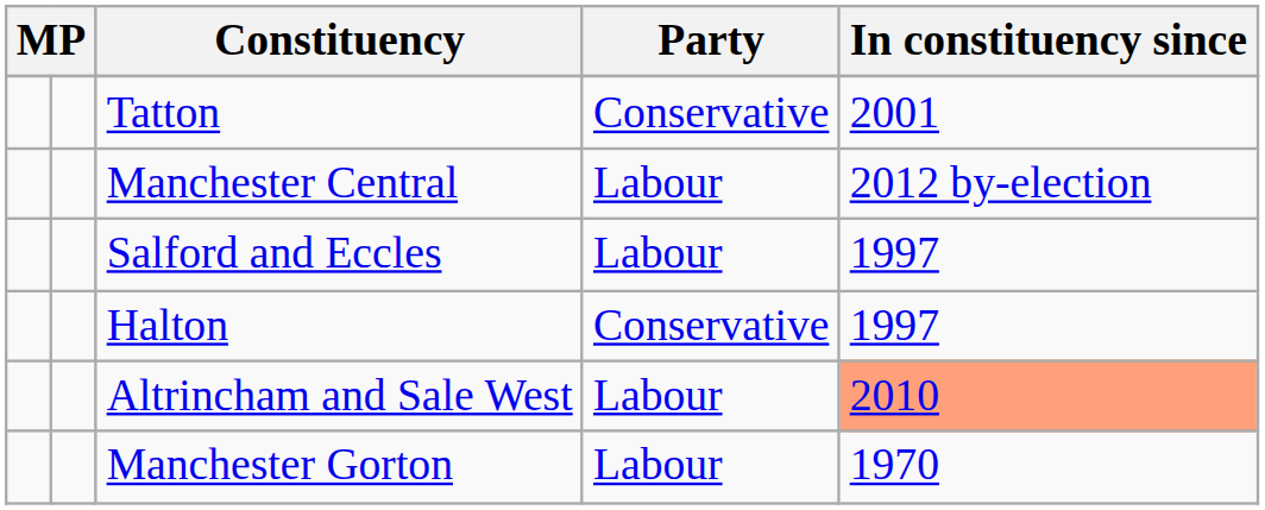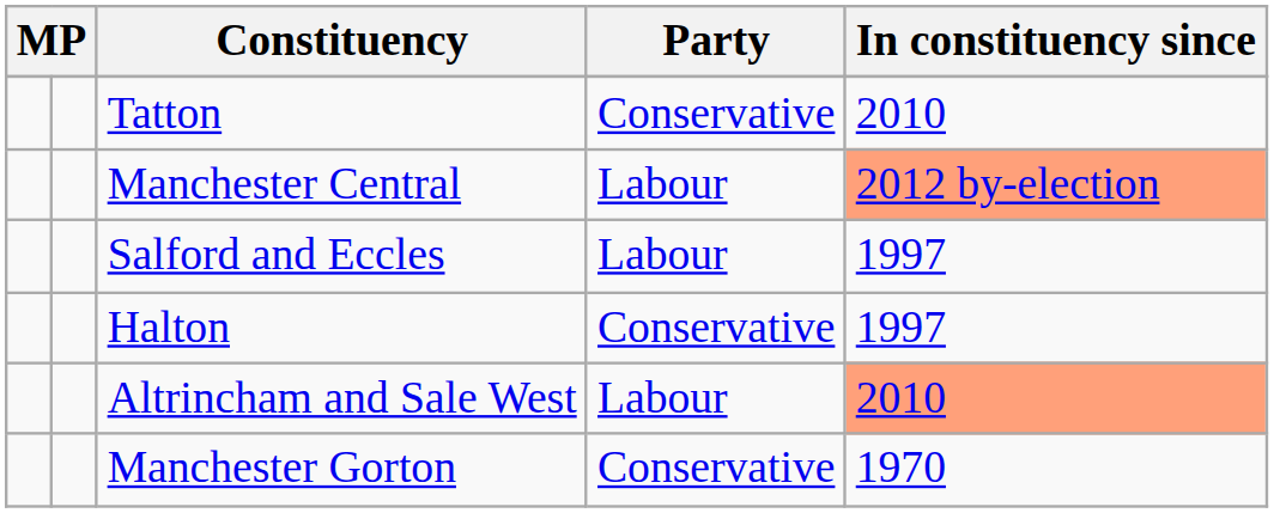 <table class="wikitable sortable">
 <tr>
 <th colspan=2>MP</th>
 <th>Constituency</th>
 <th>Party</th>
 <th>In constituency since</th>
 </tr>
 <tr>
 </tr>
 <tr>
 <td style="color:inherit;background-color: "></td>
 <td></td>
 <td><a href='#'>Tatton</a></td>
 <td><a href='#'>Conservative</a></td>
-<td><a href='#'>2001</a></td>
+<td><a href='#'>2010</a></td>
 </tr>
 <tr>
 <td style="color:inherit;background-color: "></td>
 <td></td>
 <td><a href='#'>Manchester Central</a></td>
 <td><a href='#'>Labour</a></td>
-<td><a href='#'>2012 by-election</a></td>
+<td style="background: lightsalmon;"><a href='#'>2012 by-election</a></td>
 </tr>
 <tr>
 <td style="color:inherit;background-color: "></td>
 <td></td>
 <td><a href='#'>Salford and Eccles</a></td>
 <td><a href='#'>Labour</a></td>
 <td><a href='#'>1997</a></td>
 </tr>
 <tr>
 <td style="color:inherit;background-color: "></td>
 <td></td>
 <td><a href='#'>Halton</a></td>
 <td><a href='#'>Conservative</a></td>
 <td><a href='#'>1997</a></td>
 </tr>
 <tr>
 <td style="color:inherit;background-color: "></td>
 <td></td>
 <td><a href='#'>Altrincham and Sale West</a></td>
 <td><a href='#'>Labour</a></td>
 <td style="background: lightsalmon;"><a href='#'>2010</a></td>
 </tr>
 <tr>
 <td style="color:inherit;background-color: "></td>
 <td></td>
 <td><a href='#'>Manchester Gorton</a></td>
-<td><a href='#'>Labour</a></td>
+<td><a href='#'>Conservative</a></td>
 <td><a href='#'>1970</a></td>
 </tr>
 </table>
